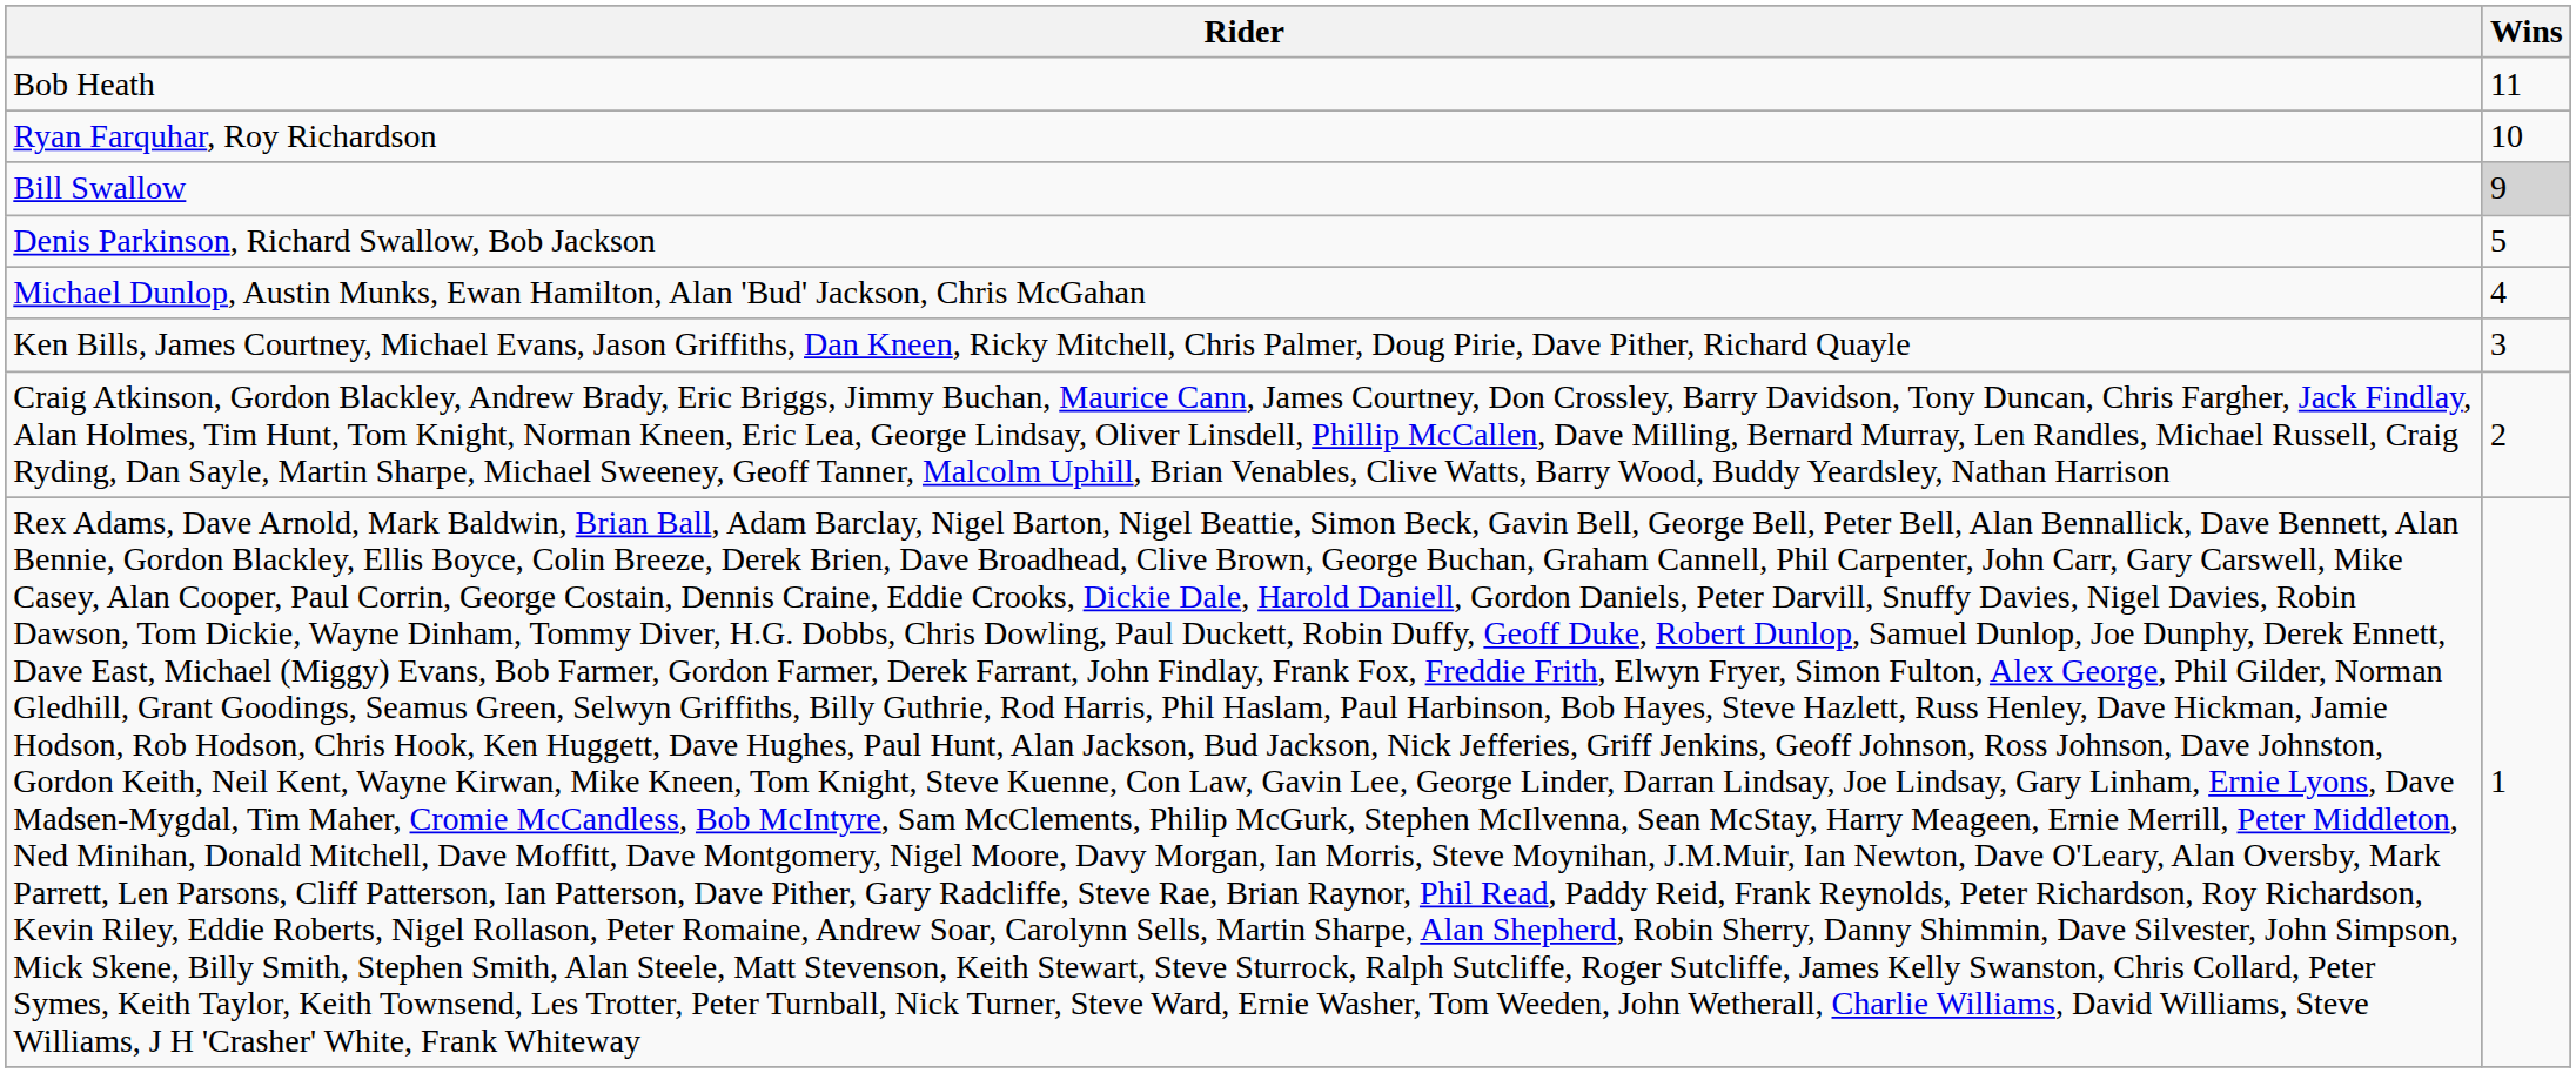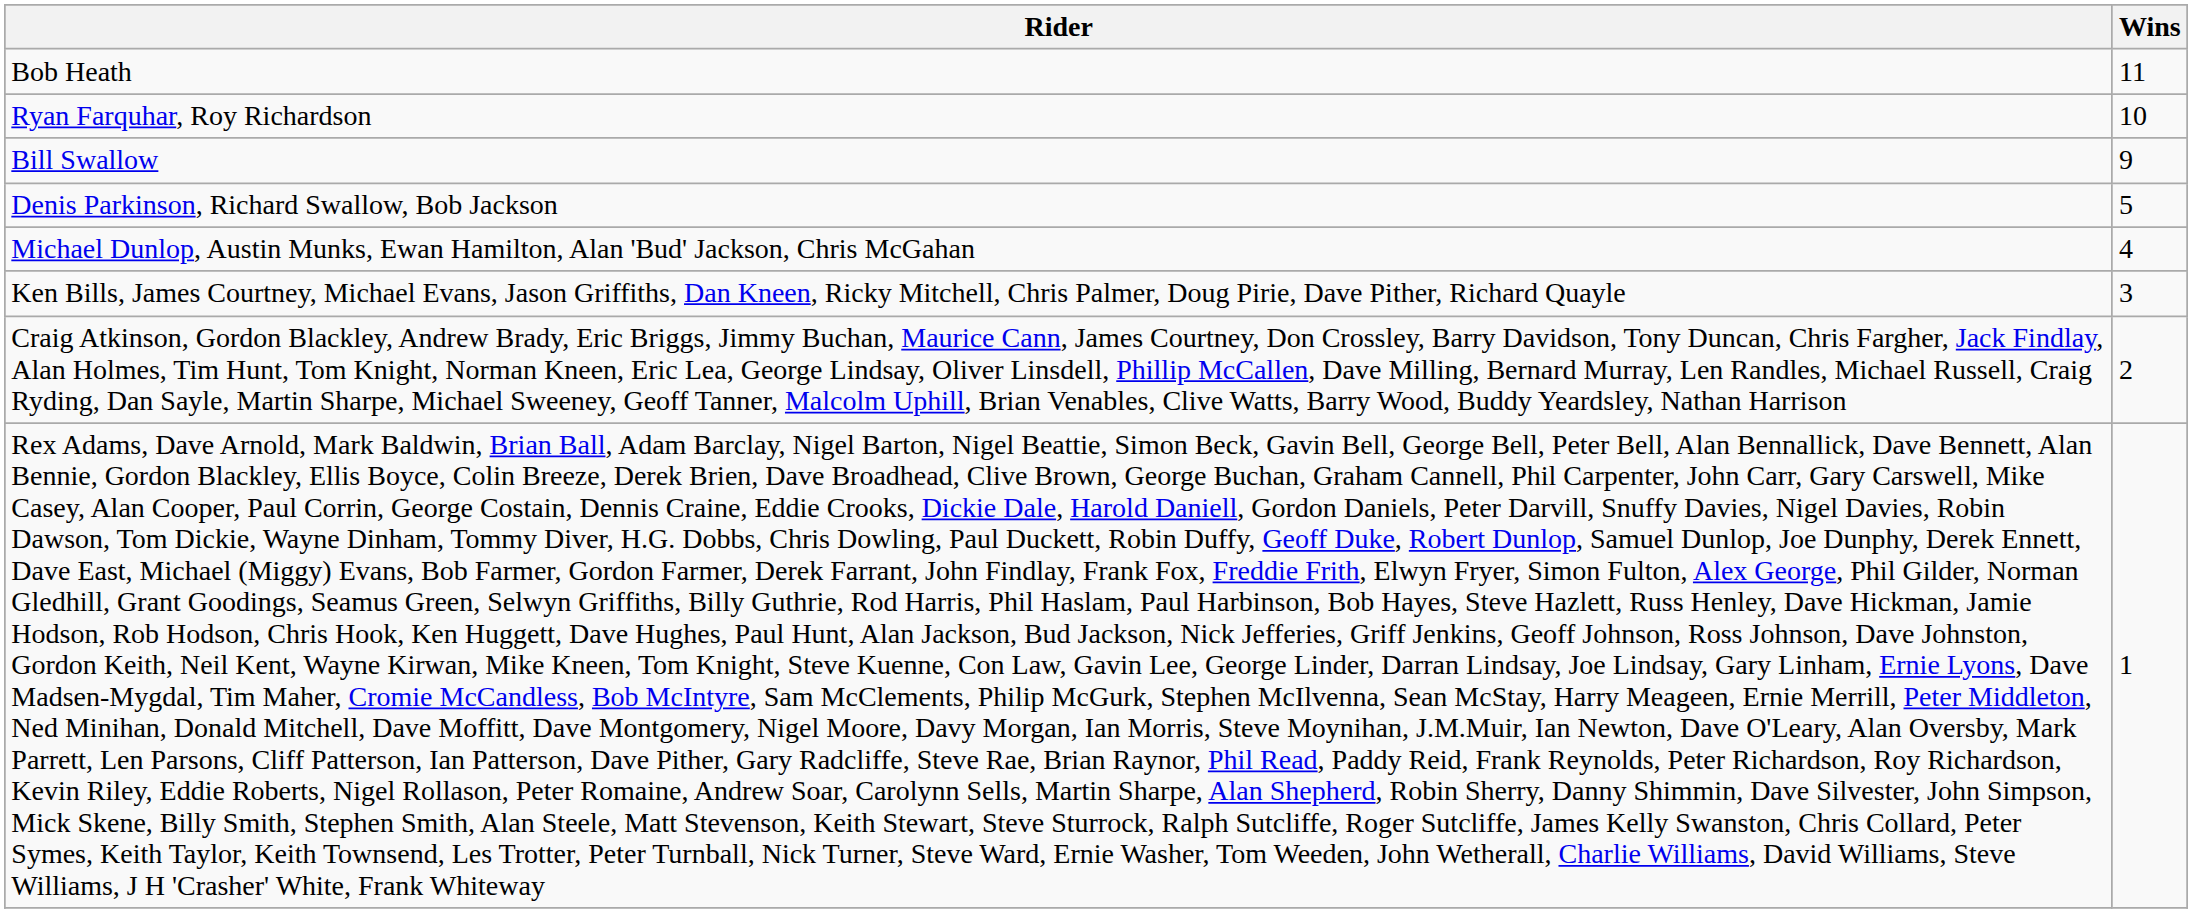 <table class="wikitable">
 <tr>
 <th>Rider</th>
 <th>Wins</th>
 </tr>
 <tr>
 <td>Bob Heath</td>
 <td>11</td>
 </tr>
 <tr>
 <td><a href='#'>Ryan Farquhar</a>, Roy Richardson</td>
 <td>10</td>
 </tr>
 <tr>
 <td><a href='#'>Bill Swallow</a></td>
-<td style="background: lightgrey;">9</td>
+<td>9</td>
 </tr>
 <tr>
 <td><a href='#'>Denis Parkinson</a>,  Richard Swallow, Bob Jackson</td>
 <td>5</td>
 </tr>
 <tr>
 <td><a href='#'>Michael Dunlop</a>, Austin Munks, Ewan Hamilton, Alan 'Bud' Jackson, Chris McGahan</td>
 <td>4</td>
 </tr>
 <tr>
 <td>Ken Bills, James Courtney, Michael Evans, Jason Griffiths, <a href='#'>Dan Kneen</a>, Ricky Mitchell, Chris Palmer, Doug Pirie, Dave Pither, Richard Quayle</td>
 <td>3</td>
 </tr>
 <tr>
 <td>Craig Atkinson, Gordon Blackley, Andrew Brady, Eric Briggs, Jimmy Buchan, <a href='#'>Maurice Cann</a>, James Courtney, Don Crossley, Barry Davidson, Tony Duncan, Chris Fargher, <a href='#'>Jack Findlay</a>, Alan Holmes, Tim Hunt, Tom Knight, Norman Kneen, Eric Lea, George Lindsay, Oliver Linsdell, <a href='#'>Phillip McCallen</a>, Dave Milling, Bernard Murray, Len Randles, Michael Russell, Craig Ryding, Dan Sayle, Martin Sharpe, Michael Sweeney, Geoff Tanner, <a href='#'>Malcolm Uphill</a>, Brian Venables, Clive Watts, Barry Wood, Buddy Yeardsley, Nathan Harrison</td>
 <td>2</td>
 </tr>
 <tr>
 <td>Rex Adams, Dave Arnold, Mark Baldwin, <a href='#'>Brian Ball</a>, Adam Barclay, Nigel Barton,  Nigel Beattie, Simon Beck, Gavin Bell, George Bell, Peter Bell, Alan Bennallick, Dave Bennett, Alan Bennie, Gordon Blackley, Ellis Boyce, Colin Breeze, Derek Brien, Dave Broadhead, Clive Brown, George Buchan, Graham Cannell, Phil Carpenter, John Carr, Gary Carswell, Mike Casey, Alan Cooper, Paul Corrin, George Costain, Dennis Craine, Eddie Crooks, <a href='#'>Dickie Dale</a>, <a href='#'>Harold Daniell</a>, Gordon Daniels, Peter Darvill, Snuffy Davies, Nigel Davies, Robin Dawson, Tom Dickie, Wayne Dinham, Tommy Diver, H.G. Dobbs, Chris Dowling, Paul Duckett, Robin Duffy, <a href='#'>Geoff Duke</a>, <a href='#'>Robert Dunlop</a>, Samuel Dunlop, Joe Dunphy, Derek Ennett, Dave East, Michael (Miggy) Evans, Bob Farmer, Gordon Farmer, Derek Farrant, John Findlay, Frank Fox, <a href='#'>Freddie Frith</a>, Elwyn Fryer, Simon Fulton, <a href='#'>Alex George</a>, Phil Gilder, Norman Gledhill, Grant Goodings, Seamus Green, Selwyn Griffiths, Billy Guthrie, Rod Harris, Phil Haslam, Paul Harbinson, Bob Hayes, Steve Hazlett, Russ Henley, Dave Hickman, Jamie Hodson, Rob Hodson, Chris Hook, Ken Huggett, Dave Hughes, Paul Hunt, Alan Jackson, Bud Jackson, Nick Jefferies, Griff Jenkins, Geoff Johnson, Ross Johnson, Dave Johnston, Gordon Keith, Neil Kent, Wayne Kirwan, Mike Kneen, Tom Knight, Steve Kuenne, Con Law, Gavin Lee, George Linder, Darran Lindsay, Joe Lindsay, Gary Linham, <a href='#'>Ernie Lyons</a>, Dave Madsen-Mygdal, Tim Maher, <a href='#'>Cromie McCandless</a>, <a href='#'>Bob McIntyre</a>, Sam McClements, Philip McGurk, Stephen McIlvenna, Sean McStay, Harry Meageen, Ernie Merrill, <a href='#'>Peter Middleton</a>, Ned Minihan, Donald Mitchell, Dave Moffitt, Dave Montgomery, Nigel Moore, Davy Morgan, Ian Morris, Steve Moynihan, J.M.Muir, Ian Newton, Dave O'Leary,  Alan Oversby,  Mark Parrett, Len Parsons, Cliff Patterson, Ian Patterson, Dave Pither, Gary Radcliffe, Steve Rae, Brian Raynor, <a href='#'>Phil Read</a>, Paddy Reid, Frank Reynolds, Peter Richardson, Roy Richardson, Kevin Riley, Eddie Roberts, Nigel Rollason, Peter Romaine, Andrew Soar, Carolynn Sells, Martin Sharpe, <a href='#'>Alan Shepherd</a>, Robin Sherry, Danny Shimmin, Dave Silvester, John Simpson, Mick Skene, Billy Smith, Stephen Smith, Alan Steele, Matt Stevenson, Keith Stewart, Steve Sturrock, Ralph Sutcliffe, Roger Sutcliffe, James Kelly Swanston, Chris Collard, Peter Symes, Keith Taylor, Keith Townsend, Les Trotter, Peter Turnball, Nick Turner, Steve Ward, Ernie Washer, Tom Weeden, John Wetherall, <a href='#'>Charlie Williams</a>, David Williams, Steve Williams, J H 'Crasher' White, Frank Whiteway</td>
 <td>1</td>
 </tr>
 </table>
